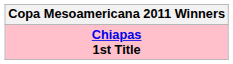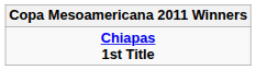 <table class="wikitable" style="text-align: center; margin: 0 auto;">
 <tr>
 <th>Copa Mesoamericana 2011 Winners</th>
 </tr>
 <tr>
-<td style="background: pink;"><strong> <a href='#'>Chiapas</a></strong><br><strong>1st Title</strong></td>
+<td><strong> <a href='#'>Chiapas</a></strong><br><strong>1st Title</strong></td>
 </tr>
 </table>
